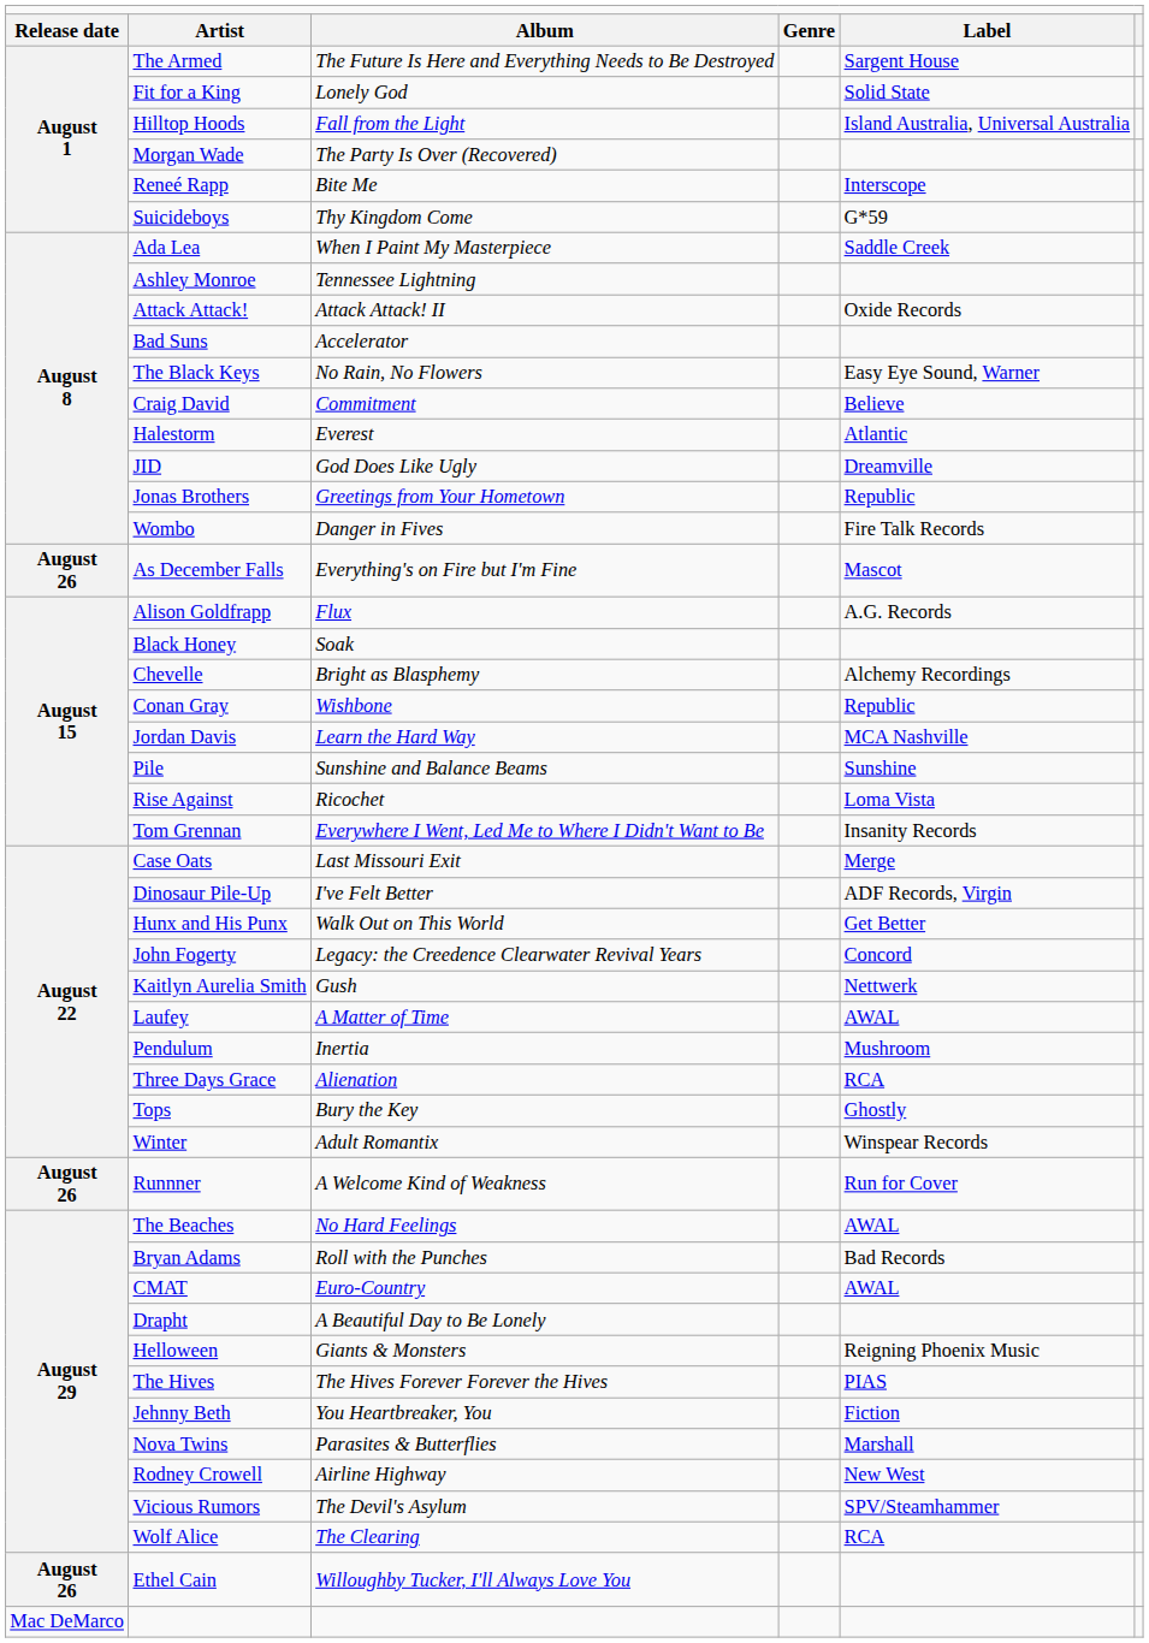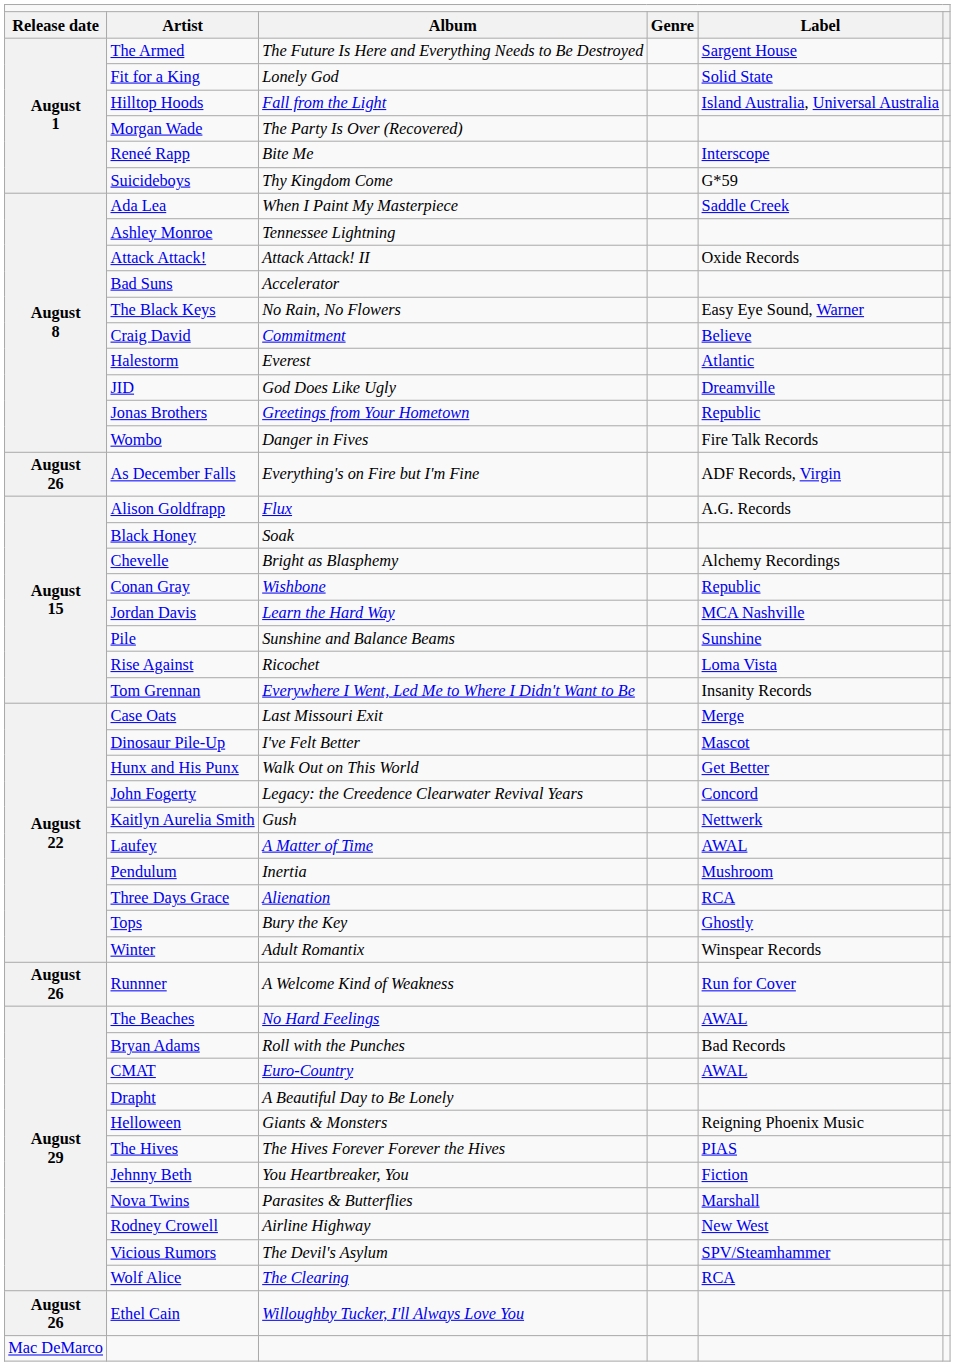 <table class="wikitable plainrowheaders">
 <tr>
 <td colspan="6" style="text-align:center;"></td>
 </tr>
 <tr>
 <th scope="col">Release date</th>
 <th scope="col">Artist</th>
 <th scope="col">Album</th>
 <th scope="col">Genre</th>
 <th scope="col">Label</th>
 <th scope="col"></th>
 </tr>
 <tr>
 <th scope="row" rowspan="6" style="text-align:center;">August<br>1</th>
 <td><a href='#'>The Armed</a></td>
 <td><em>The Future Is Here and Everything Needs to Be Destroyed</em></td>
 <td></td>
 <td><a href='#'>Sargent House</a></td>
 <td></td>
 </tr>
 <tr>
 <td><a href='#'>Fit for a King</a></td>
 <td><em>Lonely God</em></td>
 <td></td>
 <td><a href='#'>Solid State</a></td>
 <td></td>
 </tr>
 <tr>
 <td><a href='#'>Hilltop Hoods</a></td>
 <td><em><a href='#'>Fall from the Light</a></em></td>
 <td></td>
 <td><a href='#'>Island Australia</a>, <a href='#'>Universal Australia</a></td>
 <td></td>
 </tr>
 <tr>
 <td><a href='#'>Morgan Wade</a></td>
 <td><em>The Party Is Over (Recovered)</em></td>
 <td></td>
 <td></td>
 <td></td>
 </tr>
 <tr>
 <td><a href='#'>Reneé Rapp</a></td>
 <td><em>Bite Me</em></td>
 <td></td>
 <td><a href='#'>Interscope</a></td>
 <td></td>
 </tr>
 <tr>
 <td><a href='#'>Suicideboys</a></td>
 <td><em>Thy Kingdom Come</em></td>
 <td></td>
 <td>G*59</td>
 <td></td>
 </tr>
 <tr>
 <th scope="row" rowspan="10" style="text-align:center;">August<br>8</th>
 <td><a href='#'>Ada Lea</a></td>
 <td><em>When I Paint My Masterpiece</em></td>
 <td></td>
 <td><a href='#'>Saddle Creek</a></td>
 <td></td>
 </tr>
 <tr>
 <td><a href='#'>Ashley Monroe</a></td>
 <td><em>Tennessee Lightning</em></td>
 <td></td>
 <td></td>
 <td></td>
 </tr>
 <tr>
 <td><a href='#'>Attack Attack!</a></td>
 <td><em>Attack Attack! II</em></td>
 <td></td>
 <td>Oxide Records</td>
 <td></td>
 </tr>
 <tr>
 <td><a href='#'>Bad Suns</a></td>
 <td><em>Accelerator</em></td>
 <td></td>
 <td></td>
 <td></td>
 </tr>
 <tr>
 <td><a href='#'>The Black Keys</a></td>
 <td><em>No Rain, No Flowers</em></td>
 <td></td>
 <td>Easy Eye Sound, <a href='#'>Warner</a></td>
 <td></td>
 </tr>
 <tr>
 <td><a href='#'>Craig David</a></td>
 <td><em><a href='#'>Commitment</a></em></td>
 <td></td>
 <td><a href='#'>Believe</a></td>
 <td></td>
 </tr>
 <tr>
 <td><a href='#'>Halestorm</a></td>
 <td><em>Everest</em></td>
 <td></td>
 <td><a href='#'>Atlantic</a></td>
 <td></td>
 </tr>
 <tr>
 <td><a href='#'>JID</a></td>
 <td><em>God Does Like Ugly</em></td>
 <td></td>
 <td><a href='#'>Dreamville</a></td>
 <td></td>
 </tr>
 <tr>
 <td><a href='#'>Jonas Brothers</a></td>
 <td><em><a href='#'>Greetings from Your Hometown</a></em></td>
 <td></td>
 <td><a href='#'>Republic</a></td>
 <td></td>
 </tr>
 <tr>
 <td><a href='#'>Wombo</a></td>
 <td><em>Danger in Fives</em></td>
 <td></td>
 <td>Fire Talk Records</td>
 <td></td>
 </tr>
 <tr>
 <th scope="row" style="text-align:center;">August<br>26</th>
 <td><a href='#'>As December Falls</a></td>
 <td><em>Everything's on Fire but I'm Fine</em></td>
 <td></td>
-<td><a href='#'>Mascot</a></td>
+<td>ADF Records, <a href='#'>Virgin</a></td>
 <td></td>
 </tr>
 <tr>
 <th scope="row" rowspan="8" style="text-align:center;">August<br>15</th>
 <td><a href='#'>Alison Goldfrapp</a></td>
 <td><em><a href='#'>Flux</a></em></td>
 <td></td>
 <td>A.G. Records</td>
 <td></td>
 </tr>
 <tr>
 <td><a href='#'>Black Honey</a></td>
 <td><em>Soak</em></td>
 <td></td>
 <td></td>
 <td></td>
 </tr>
 <tr>
 <td><a href='#'>Chevelle</a></td>
 <td><em>Bright as Blasphemy</em></td>
 <td></td>
 <td>Alchemy Recordings</td>
 <td></td>
 </tr>
 <tr>
 <td><a href='#'>Conan Gray</a></td>
 <td><em><a href='#'>Wishbone</a></em></td>
 <td></td>
 <td><a href='#'>Republic</a></td>
 <td></td>
 </tr>
 <tr>
 <td><a href='#'>Jordan Davis</a></td>
 <td><em><a href='#'>Learn the Hard Way</a></em></td>
 <td></td>
 <td><a href='#'>MCA Nashville</a></td>
 <td></td>
 </tr>
 <tr>
 <td><a href='#'>Pile</a></td>
 <td><em>Sunshine and Balance Beams</em></td>
 <td></td>
 <td><a href='#'>Sunshine</a></td>
 <td></td>
 </tr>
 <tr>
 <td><a href='#'>Rise Against</a></td>
 <td><em>Ricochet</em></td>
 <td></td>
 <td><a href='#'>Loma Vista</a></td>
 <td></td>
 </tr>
 <tr>
 <td><a href='#'>Tom Grennan</a></td>
 <td><em><a href='#'>Everywhere I Went, Led Me to Where I Didn't Want to Be</a></em></td>
 <td></td>
 <td>Insanity Records</td>
 <td></td>
 </tr>
 <tr>
 <th scope="row" rowspan="10" style="text-align:center;">August<br>22</th>
 <td><a href='#'>Case Oats</a></td>
 <td><em>Last Missouri Exit</em></td>
 <td></td>
 <td><a href='#'>Merge</a></td>
 <td></td>
 </tr>
 <tr>
 <td><a href='#'>Dinosaur Pile-Up</a></td>
 <td><em>I've Felt Better</em></td>
 <td></td>
-<td>ADF Records, <a href='#'>Virgin</a></td>
+<td><a href='#'>Mascot</a></td>
 <td></td>
 </tr>
 <tr>
 <td><a href='#'>Hunx and His Punx</a></td>
 <td><em>Walk Out on This World</em></td>
 <td></td>
 <td><a href='#'>Get Better</a></td>
 <td></td>
 </tr>
 <tr>
 <td><a href='#'>John Fogerty</a></td>
 <td><em>Legacy: the Creedence Clearwater Revival Years</em></td>
 <td></td>
 <td><a href='#'>Concord</a></td>
 <td></td>
 </tr>
 <tr>
 <td><a href='#'>Kaitlyn Aurelia Smith</a></td>
 <td><em>Gush</em></td>
 <td></td>
 <td><a href='#'>Nettwerk</a></td>
 <td></td>
 </tr>
 <tr>
 <td><a href='#'>Laufey</a></td>
 <td><em><a href='#'>A Matter of Time</a></em></td>
 <td></td>
 <td><a href='#'>AWAL</a></td>
 <td></td>
 </tr>
 <tr>
 <td><a href='#'>Pendulum</a></td>
 <td><em>Inertia</em></td>
 <td></td>
 <td><a href='#'>Mushroom</a></td>
 <td></td>
 </tr>
 <tr>
 <td><a href='#'>Three Days Grace</a></td>
 <td><em><a href='#'>Alienation</a></em></td>
 <td></td>
 <td><a href='#'>RCA</a></td>
 <td></td>
 </tr>
 <tr>
 <td><a href='#'>Tops</a></td>
 <td><em>Bury the Key</em></td>
 <td></td>
 <td><a href='#'>Ghostly</a></td>
 <td></td>
 </tr>
 <tr>
 <td><a href='#'>Winter</a></td>
 <td><em>Adult Romantix</em></td>
 <td></td>
 <td>Winspear Records</td>
 <td></td>
 </tr>
 <tr>
 <th scope="row" style="text-align:center;">August<br>26</th>
 <td><a href='#'>Runnner</a></td>
 <td><em>A Welcome Kind of Weakness</em></td>
 <td></td>
 <td><a href='#'>Run for Cover</a></td>
 <td></td>
 </tr>
 <tr>
 <th scope="row" rowspan="11" style="text-align:center;">August<br>29</th>
 <td><a href='#'>The Beaches</a></td>
 <td><em><a href='#'>No Hard Feelings</a></em></td>
 <td></td>
 <td><a href='#'>AWAL</a></td>
 <td></td>
 </tr>
 <tr>
 <td><a href='#'>Bryan Adams</a></td>
 <td><em>Roll with the Punches</em></td>
 <td></td>
 <td>Bad Records</td>
 <td></td>
 </tr>
 <tr>
 <td><a href='#'>CMAT</a></td>
 <td><em><a href='#'>Euro-Country</a></em></td>
 <td></td>
 <td><a href='#'>AWAL</a></td>
 <td></td>
 </tr>
 <tr>
 <td><a href='#'>Drapht</a></td>
 <td><em>A Beautiful Day to Be Lonely</em></td>
 <td></td>
 <td></td>
 <td></td>
 </tr>
 <tr>
 <td><a href='#'>Helloween</a></td>
 <td><em>Giants & Monsters</em></td>
 <td></td>
 <td>Reigning Phoenix Music</td>
 <td></td>
 </tr>
 <tr>
 <td><a href='#'>The Hives</a></td>
 <td><em>The Hives Forever Forever the Hives</em></td>
 <td></td>
 <td><a href='#'>PIAS</a></td>
 <td></td>
 </tr>
 <tr>
 <td><a href='#'>Jehnny Beth</a></td>
 <td><em>You Heartbreaker, You</em></td>
 <td></td>
 <td><a href='#'>Fiction</a></td>
 <td></td>
 </tr>
 <tr>
 <td><a href='#'>Nova Twins</a></td>
 <td><em>Parasites & Butterflies</em></td>
 <td></td>
 <td><a href='#'>Marshall</a></td>
 <td></td>
 </tr>
 <tr>
 <td><a href='#'>Rodney Crowell</a></td>
 <td><em>Airline Highway</em></td>
 <td></td>
 <td><a href='#'>New West</a></td>
 <td></td>
 </tr>
 <tr>
 <td><a href='#'>Vicious Rumors</a></td>
 <td><em>The Devil's Asylum</em></td>
 <td></td>
 <td><a href='#'>SPV/Steamhammer</a></td>
 <td></td>
 </tr>
 <tr>
 <td><a href='#'>Wolf Alice</a></td>
 <td><em><a href='#'>The Clearing</a></em></td>
 <td></td>
 <td><a href='#'>RCA</a></td>
 <td></td>
 </tr>
 <tr>
 <th scope="row" style="text-align:center;">August<br>26</th>
 <td><a href='#'>Ethel Cain</a></td>
 <td><em><a href='#'>Willoughby Tucker, I'll Always Love You</a></em></td>
 <td></td>
 <td></td>
 <td></td>
 </tr>
 <tr>
 <td><a href='#'>Mac DeMarco</a></td>
 <td></td>
 <td></td>
 <td></td>
 <td></td>
 </tr>
 </table>
